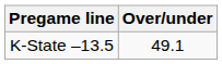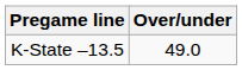 <table class="wikitable" style="margin-left: auto; margin-right: auto; border: none; display: inline-table;">
 <tr align="center">
 <th style=>Pregame line</th>
 <th style=>Over/under</th>
 </tr>
 <tr align="center">
 <td>K-State –13.5</td>
-<td>49.1</td>
+<td>49.0</td>
 </tr>
 </table>
